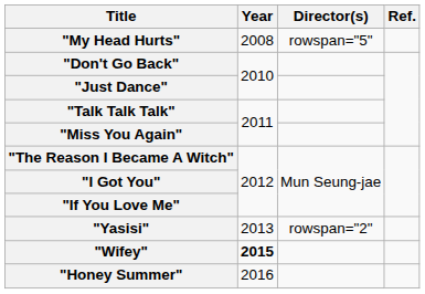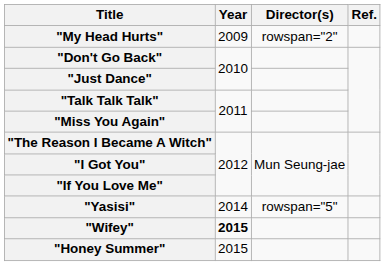 <table class="wikitable plainrowheaders" style="text-align:center;">
 <tr>
 <th scope="col">Title</th>
 <th scope="col">Year</th>
 <th scope="col">Director(s)</th>
 <th scope="col">Ref.</th>
 </tr>
 <tr>
 <th scope="row">"My Head Hurts"</th>
-<td>2008</td>
-<td>rowspan="5" </td>
+<td>2009</td>
+<td>rowspan="2" </td>
 <td></td>
 </tr>
 <tr>
 <th scope="row">"Don't Go Back"</th>
 <td rowspan="2">2010</td>
 <td></td>
 </tr>
 <tr>
 <th scope="row">"Just Dance"</th>
 <td></td>
 </tr>
 <tr>
 <th scope="row">"Talk Talk Talk"</th>
 <td rowspan="2">2011</td>
 <td></td>
 </tr>
 <tr>
 <th scope="row">"Miss You Again"</th>
 <td></td>
 </tr>
 <tr>
 <th scope="row">"The Reason I Became A Witch"</th>
 <td rowspan="3">2012</td>
 <td rowspan="3">Mun Seung-jae</td>
 <td rowspan="3"></td>
 </tr>
 <tr>
 <th scope="row">"I Got You"</th>
 </tr>
 <tr>
 <th scope="row">"If You Love Me"</th>
 </tr>
 <tr>
 <th scope="row">"Yasisi"</th>
-<td>2013</td>
-<td>rowspan="2" </td>
+<td>2014</td>
+<td>rowspan="5" </td>
 <td></td>
 </tr>
 <tr>
 <th scope="row">"Wifey"</th>
 <td><strong>2015</strong></td>
 <td></td>
 </tr>
 <tr>
 <th scope="row">"Honey Summer"</th>
-<td>2016</td>
+<td>2015</td>
 <td></td>
 <td></td>
 </tr>
 </table>
